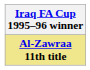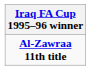 <table class="wikitable" style="text-align: center; margin: 0 auto;">
 <tr>
 <th><a href='#'>Iraq FA Cup</a><br>1995–96 winner</th>
 </tr>
 <tr>
-<td style="background: khaki;"><strong><a href='#'>Al-Zawraa</a></strong><br><strong>11th title</strong></td>
+<td><strong><a href='#'>Al-Zawraa</a></strong><br><strong>11th title</strong></td>
 </tr>
 </table>
